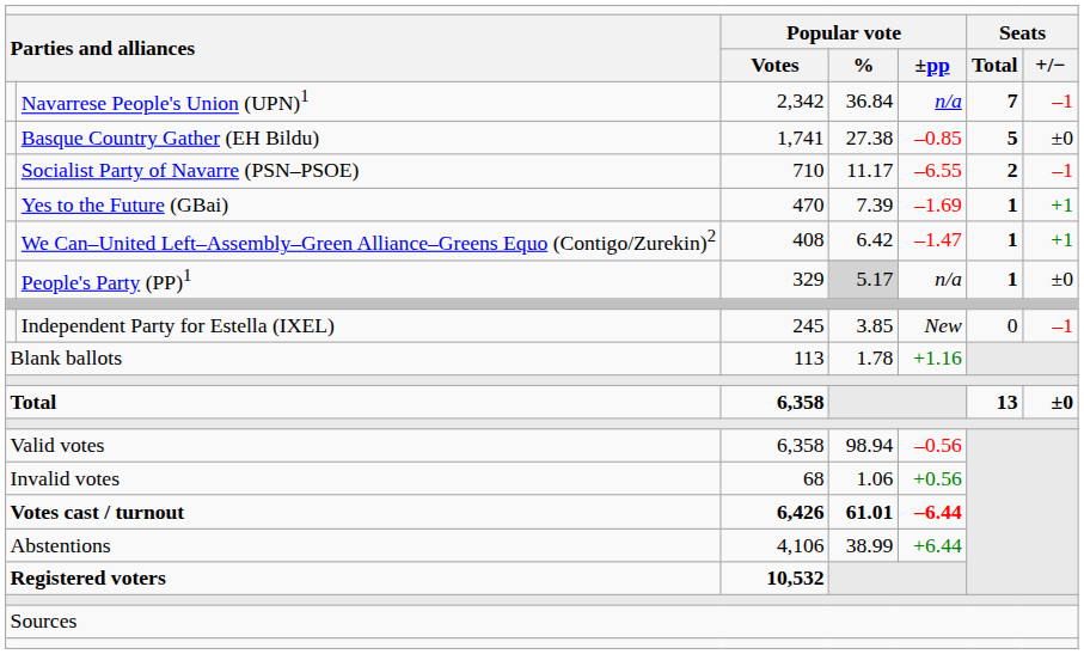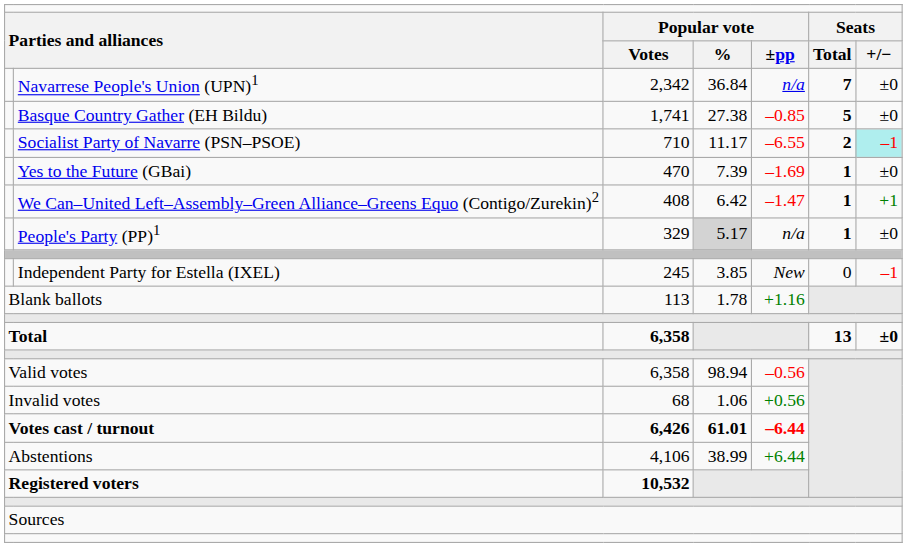 <table class="wikitable" style="text-align:right;">
 <tr>
 <td colspan="7"></td>
 </tr>
 <tr>
 <th style="text-align:left;" rowspan="2" colspan="2" width="525">Parties and alliances</th>
 <th colspan="3">Popular vote</th>
 <th colspan="2">Seats</th>
 </tr>
 <tr>
 <th width="75">Votes</th>
 <th width="45">%</th>
 <th width="45">±<a href='#'>pp</a></th>
 <th width="35">Total</th>
 <th width="35">+/−</th>
 </tr>
 <tr>
 <td width="1" style="color:inherit;background:"></td>
 <td align="left"><a href='#'>Navarrese People's Union</a> (UPN)<sup>1</sup></td>
 <td>2,342</td>
 <td>36.84</td>
 <td><em><a href='#'>n/a</a></em></td>
 <td><strong>7</strong></td>
-<td style="color:red;">–1</td>
+<td>±0</td>
 </tr>
 <tr>
 <td style="color:inherit;background:"></td>
 <td align="left"><a href='#'>Basque Country Gather</a> (EH Bildu)</td>
 <td>1,741</td>
 <td>27.38</td>
 <td style="color:red;">–0.85</td>
 <td><strong>5</strong></td>
 <td>±0</td>
 </tr>
 <tr>
 <td style="color:inherit;background:"></td>
 <td align="left"><a href='#'>Socialist Party of Navarre</a> (PSN–PSOE)</td>
 <td>710</td>
 <td>11.17</td>
 <td style="color:red;">–6.55</td>
 <td><strong>2</strong></td>
-<td style="color:red;">–1</td>
+<td style="background: paleturquoise; color:red;">–1</td>
 </tr>
 <tr>
 <td style="color:inherit;background:"></td>
 <td align="left"><a href='#'>Yes to the Future</a> (GBai)</td>
 <td>470</td>
 <td>7.39</td>
 <td style="color:red;">–1.69</td>
 <td><strong>1</strong></td>
-<td style="color:green;">+1</td>
+<td>±0</td>
 </tr>
 <tr>
 <td style="color:inherit;background:"></td>
 <td align="left"><a href='#'>We Can–United Left–Assembly–Green Alliance–Greens Equo</a> (Contigo/Zurekin)<sup>2</sup></td>
 <td>408</td>
 <td>6.42</td>
 <td style="color:red;">–1.47</td>
 <td><strong>1</strong></td>
 <td style="color:green;">+1</td>
 </tr>
 <tr>
 <td style="color:inherit;background:"></td>
 <td align="left"><a href='#'>People's Party</a> (PP)<sup>1</sup></td>
 <td>329</td>
 <td style="background: lightgrey;">5.17</td>
 <td><em>n/a</em></td>
 <td><strong>1</strong></td>
 <td>±0</td>
 </tr>
 <tr>
 <td colspan="7" bgcolor="#C0C0C0"></td>
 </tr>
 <tr>
 <td style="color:inherit;background:"></td>
 <td align="left">Independent Party for Estella (IXEL)</td>
 <td>245</td>
 <td>3.85</td>
 <td><em>New</em></td>
 <td>0</td>
 <td style="color:red;">–1</td>
 </tr>
 <tr>
 <td align="left" colspan="2">Blank ballots</td>
 <td>113</td>
 <td>1.78</td>
 <td style="color:green;">+1.16</td>
 <td bgcolor="#E9E9E9" colspan="2"></td>
 </tr>
 <tr>
 <td colspan="7" bgcolor="#E9E9E9"></td>
 </tr>
 <tr style="font-weight:bold;">
 <td align="left" colspan="2">Total</td>
 <td>6,358</td>
 <td bgcolor="#E9E9E9" colspan="2"></td>
 <td>13</td>
 <td>±0</td>
 </tr>
 <tr>
 <td colspan="7" bgcolor="#E9E9E9"></td>
 </tr>
 <tr>
 <td align="left" colspan="2">Valid votes</td>
 <td>6,358</td>
 <td>98.94</td>
 <td style="color:red;">–0.56</td>
 <td bgcolor="#E9E9E9" colspan="2" rowspan="5"></td>
 </tr>
 <tr>
 <td align="left" colspan="2">Invalid votes</td>
 <td>68</td>
 <td>1.06</td>
 <td style="color:green;">+0.56</td>
 </tr>
 <tr style="font-weight:bold;">
 <td align="left" colspan="2">Votes cast / turnout</td>
 <td>6,426</td>
 <td>61.01</td>
 <td style="color:red;">–6.44</td>
 </tr>
 <tr>
 <td align="left" colspan="2">Abstentions</td>
 <td>4,106</td>
 <td>38.99</td>
 <td style="color:green;">+6.44</td>
 </tr>
 <tr style="font-weight:bold;">
 <td align="left" colspan="2">Registered voters</td>
 <td>10,532</td>
 <td bgcolor="#E9E9E9" colspan="2"></td>
 </tr>
 <tr>
 <td colspan="7" bgcolor="#E9E9E9"></td>
 </tr>
 <tr>
 <td align="left" colspan="7">Sources</td>
 </tr>
 <tr>
 <td colspan="7" style="text-align:left; max-width:790px;"></td>
 </tr>
 </table>
